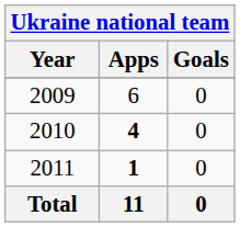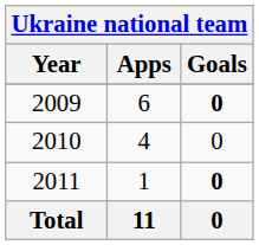 <table class="wikitable" style="text-align:center">
 <tr>
 <th colspan=6><a href='#'>Ukraine national team</a></th>
 </tr>
 <tr>
 <th>Year</th>
 <th width="40">Apps</th>
 <th width="40">Goals</th>
 </tr>
 <tr>
 </tr>
 <tr>
 <td>2009</td>
 <td>6</td>
-<td>0</td>
+<td><strong>0</strong></td>
 </tr>
 <tr>
 <td>2010</td>
-<td><strong>4</strong></td>
+<td>4</td>
 <td>0</td>
 </tr>
 <tr>
 <td>2011</td>
-<td><strong>1</strong></td>
-<td>0</td>
+<td>1</td>
+<td><strong>0</strong></td>
 </tr>
 <tr>
 <th>Total</th>
 <th>11</th>
 <th>0</th>
 </tr>
 </table>
